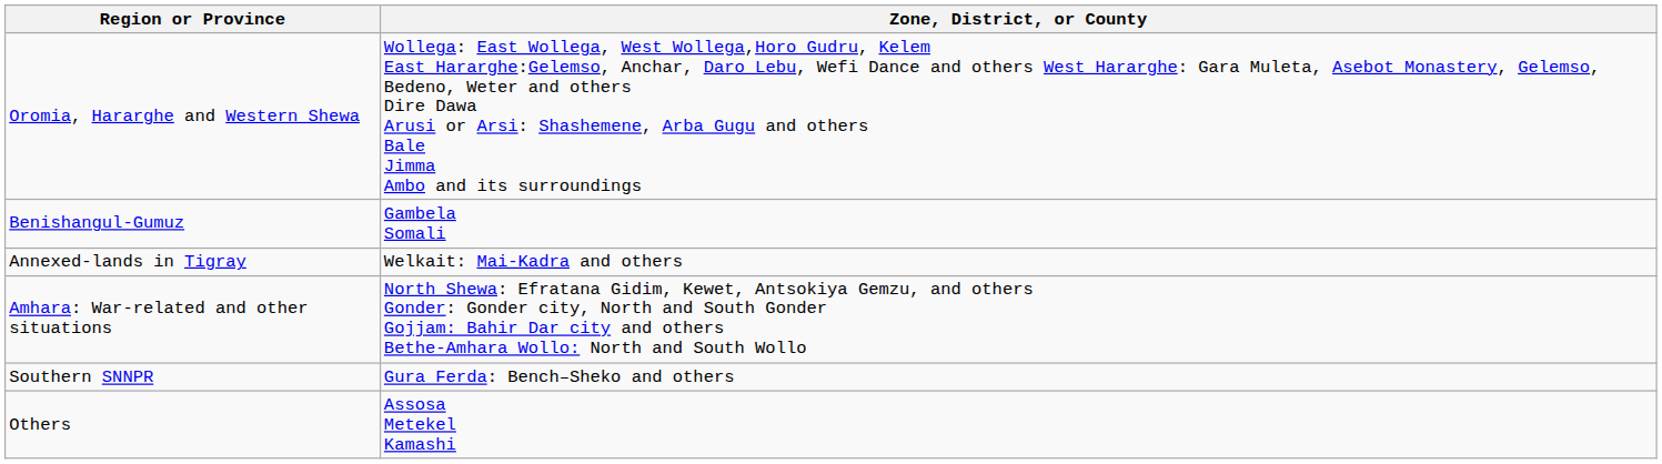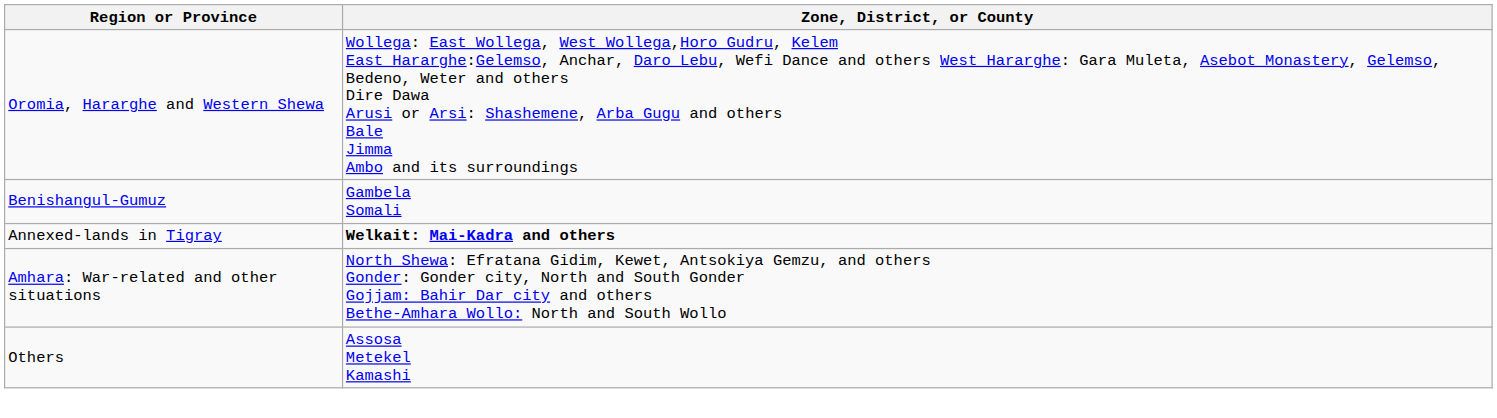 <table class="wikitable">
 <tr>
 <th>Region or Province</th>
 <th>Zone, District, or County</th>
 </tr>
 <tr>
 <td><a href='#'>Oromia</a>, <a href='#'>Hararghe</a> and <a href='#'>Western Shewa</a></td>
 <td><a href='#'>Wollega</a>: <a href='#'>East Wollega</a>, <a href='#'>West Wollega</a>,<a href='#'>Horo Gudru</a>, <a href='#'>Kelem</a><br><a href='#'>East Hararghe</a>:<a href='#'>Gelemso</a>, Anchar, <a href='#'>Daro Lebu</a>, Wefi Dance and others <a href='#'>West Hararghe</a>:  Gara Muleta, <a href='#'>Asebot Monastery</a>, <a href='#'>Gelemso</a>, Bedeno, Weter and others<br>Dire Dawa<br><a href='#'>Arusi</a> or <a href='#'>Arsi</a>: <a href='#'>Shashemene</a>, <a href='#'>Arba Gugu</a> and others<br><a href='#'>Bale</a><br><a href='#'>Jimma</a><br><a href='#'>Ambo</a> and its surroundings</td>
 </tr>
 <tr>
 <td><a href='#'>Benishangul-Gumuz</a></td>
 <td><a href='#'>Gambela</a><br><a href='#'>Somali</a></td>
 </tr>
 <tr>
 <td>Annexed-lands in <a href='#'>Tigray</a></td>
-<td>Welkait: <a href='#'>Mai-Kadra</a> and others</td>
+<td><strong>Welkait: <a href='#'>Mai-Kadra</a> and others</strong></td>
 </tr>
 <tr>
 <td><a href='#'>Amhara</a>: War-related and other situations</td>
 <td><a href='#'>North Shewa</a>: Efratana Gidim, Kewet, Antsokiya Gemzu, and others<br><a href='#'>Gonder</a>: Gonder city, North and South Gonder <br><a href='#'>Gojjam: Bahir Dar city</a> and others<br><a href='#'>Bethe-Amhara Wollo:</a> North and South Wollo </td>
 </tr>
 <tr>
-<td>Southern <a href='#'>SNNPR</a></td>
-<td><a href='#'>Gura Ferda</a>: Bench–Sheko and others</td>
-</tr>
-<tr>
 <td>Others</td>
 <td><a href='#'>Assosa</a><br><a href='#'>Metekel</a><br><a href='#'>Kamashi</a></td>
 </tr>
 </table>
